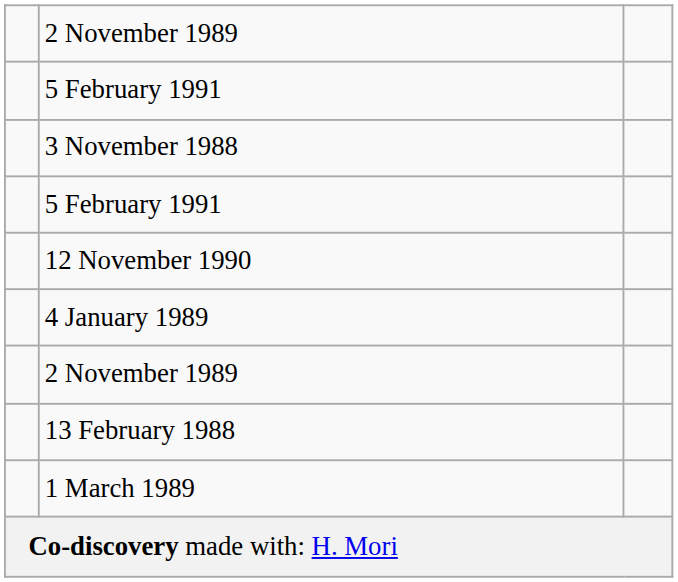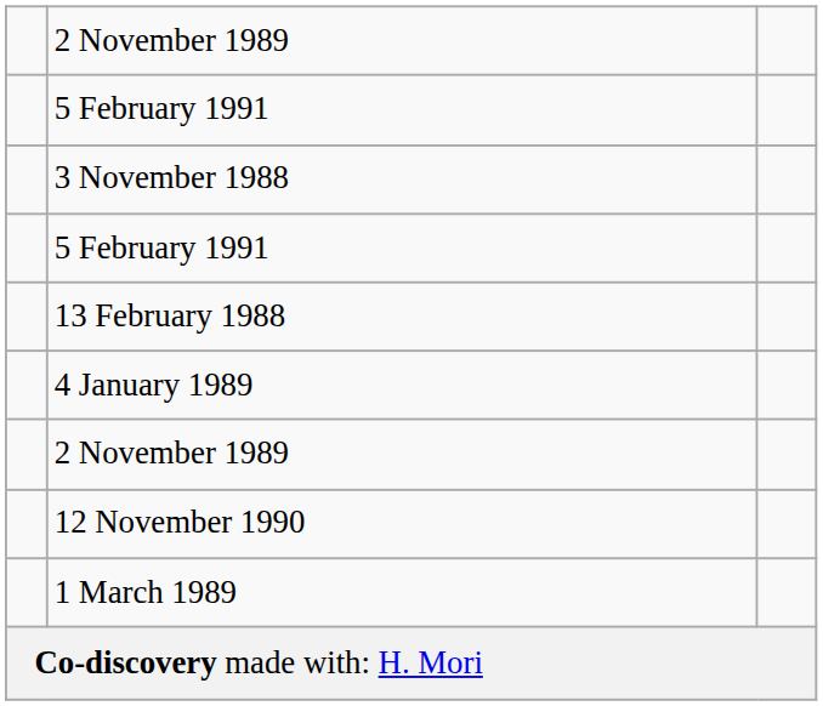 <table class="wikitable" style="font-size: 89%; float: left; width: 25em; margin-right: 1em; line-height: 1.65em !important; height: 272px;">
 <tr>
 <td></td>
 <td>2 November 1989</td>
 <td> </td>
 </tr>
 <tr>
 <td></td>
 <td>5 February 1991</td>
 <td> </td>
 </tr>
 <tr>
 <td></td>
 <td>3 November 1988</td>
 <td> </td>
 </tr>
 <tr>
 <td></td>
 <td>5 February 1991</td>
 <td> </td>
 </tr>
 <tr>
 <td></td>
-<td>12 November 1990</td>
+<td>13 February 1988</td>
 <td> </td>
 </tr>
 <tr>
 <td></td>
 <td>4 January 1989</td>
 <td> </td>
 </tr>
 <tr>
 <td></td>
 <td>2 November 1989</td>
 <td> </td>
 </tr>
 <tr>
 <td></td>
-<td>13 February 1988</td>
+<td>12 November 1990</td>
 <td> </td>
 </tr>
 <tr>
 <td></td>
 <td>1 March 1989</td>
 <td> </td>
 </tr>
 <tr>
 <th colspan=3 style="font-weight: normal; text-align: left; padding: 4px 12px;"><strong>Co-discovery</strong> made with:  <a href='#'>H. Mori</a></th>
 </tr>
 </table>
